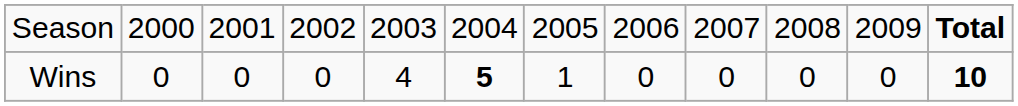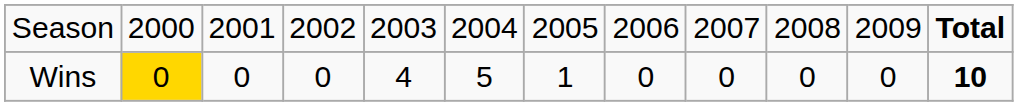 <table class="wikitable">
 <tr>
 <td>Season</td>
 <td>2000</td>
 <td>2001</td>
 <td>2002</td>
 <td>2003</td>
 <td>2004</td>
 <td>2005</td>
 <td>2006</td>
 <td>2007</td>
 <td>2008</td>
 <td>2009</td>
 <td><strong>Total</strong></td>
 </tr>
 <tr align=center>
 <td>Wins</td>
-<td>0</td>
+<td style="background: gold;">0</td>
 <td>0</td>
 <td>0</td>
 <td>4</td>
-<td><strong>5</strong></td>
+<td>5</td>
 <td>1</td>
 <td>0</td>
 <td>0</td>
 <td>0</td>
 <td>0</td>
 <td><strong>10</strong></td>
 </tr>
 </table>
